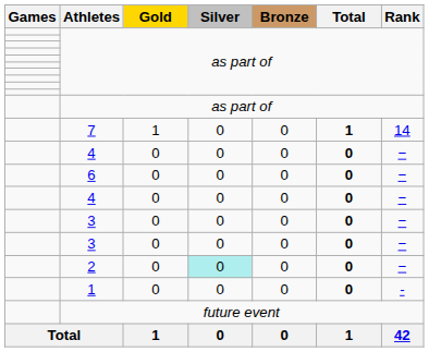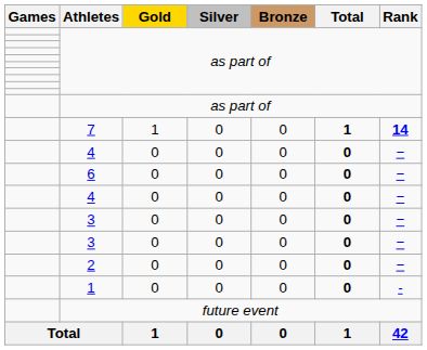 <table class="wikitable" style="text-align:center; font-size:90%;">
 <tr>
 <th>Games</th>
 <th>Athletes</th>
 <th style="width:4em; background:gold;">Gold</th>
 <th style="width:4em; background:silver;">Silver</th>
 <th style="width:4em; background:#cc9966;">Bronze</th>
 <th style="width:4em;">Total</th>
 <th style="width:2em;">Rank</th>
 </tr>
 <tr>
 <td align=left></td>
 <td colspan=6 rowspan=10><em>as part of </em></td>
 </tr>
 <tr>
 <td align=left></td>
 </tr>
 <tr>
 <td align=left></td>
 </tr>
 <tr>
 <td align=left></td>
 </tr>
 <tr>
 <td align=left></td>
 </tr>
 <tr>
 <td align=left></td>
 </tr>
 <tr>
 <td align=left></td>
 </tr>
 <tr>
 <td align=left></td>
 </tr>
 <tr>
 <td align=left></td>
 </tr>
 <tr>
 <td align=left></td>
 </tr>
 <tr>
 <td align=left></td>
 <td colspan=6><em>as part of </em></td>
 </tr>
 <tr>
 <td align=left></td>
 <td><a href='#'>7</a></td>
 <td>1</td>
 <td>0</td>
 <td>0</td>
 <td><strong>1</strong></td>
-<td><a href='#'>14</a></td>
+<td><strong><a href='#'>14</a></strong></td>
 </tr>
 <tr>
 <td align=left></td>
 <td><a href='#'>4</a></td>
 <td>0</td>
 <td>0</td>
 <td>0</td>
 <td><strong>0</strong></td>
 <td><a href='#'>−</a></td>
 </tr>
 <tr>
 <td align=left></td>
 <td><a href='#'>6</a></td>
 <td>0</td>
 <td>0</td>
 <td>0</td>
 <td><strong>0</strong></td>
 <td><a href='#'>−</a></td>
 </tr>
 <tr>
 <td align=left></td>
 <td><a href='#'>4</a></td>
 <td>0</td>
 <td>0</td>
 <td>0</td>
 <td><strong>0</strong></td>
 <td><a href='#'>−</a></td>
 </tr>
 <tr>
 <td align=left></td>
 <td><a href='#'>3</a></td>
 <td>0</td>
 <td>0</td>
 <td>0</td>
 <td><strong>0</strong></td>
 <td><a href='#'>−</a></td>
 </tr>
 <tr>
 <td align=left></td>
 <td><a href='#'>3</a></td>
 <td>0</td>
 <td>0</td>
 <td>0</td>
 <td><strong>0</strong></td>
 <td><a href='#'>−</a></td>
 </tr>
 <tr>
 <td align=left></td>
 <td><a href='#'>2</a></td>
 <td>0</td>
-<td style="background: paleturquoise;">0</td>
+<td>0</td>
 <td>0</td>
 <td><strong>0</strong></td>
 <td><a href='#'>−</a></td>
 </tr>
 <tr>
 <td align=left></td>
 <td><a href='#'>1</a></td>
 <td>0</td>
 <td>0</td>
 <td>0</td>
 <td><strong>0</strong></td>
 <td><a href='#'>-</a></td>
 </tr>
 <tr>
 <td align=left></td>
 <td colspan=6><em>future event</em></td>
 </tr>
 <tr>
 <th colspan=2>Total</th>
 <th>1</th>
 <th>0</th>
 <th>0</th>
 <th>1</th>
 <th><a href='#'>42</a></th>
 </tr>
 </table>
